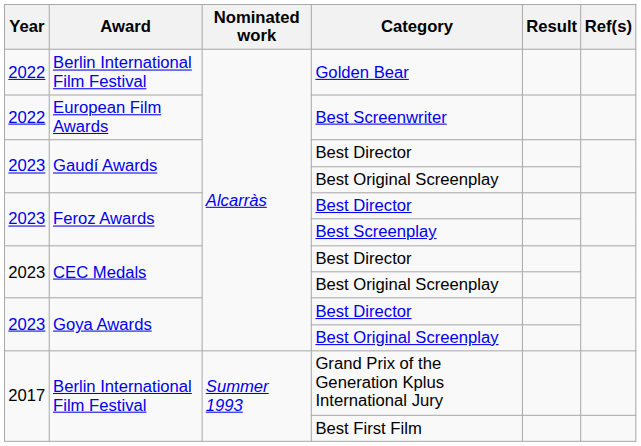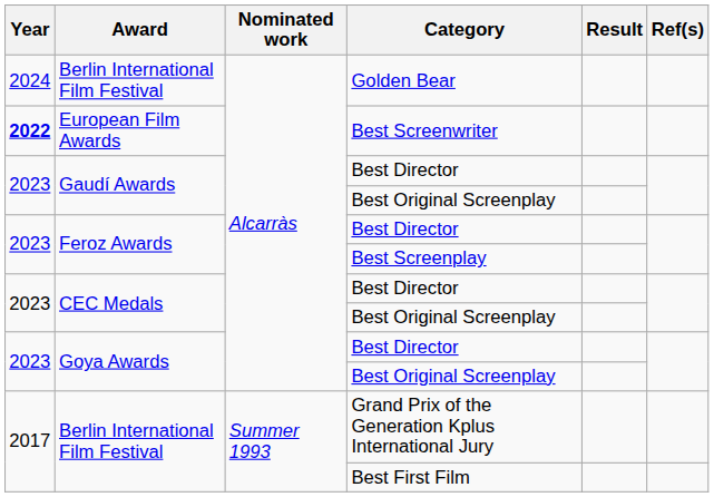 <table class="wikitable sortable">
 <tr>
 <th>Year</th>
 <th>Award</th>
 <th>Nominated work</th>
 <th>Category</th>
 <th>Result</th>
 <th>Ref(s)</th>
 </tr>
 <tr>
-<td><a href='#'>2022</a></td>
+<td><a href='#'>2024</a></td>
 <td><a href='#'>Berlin International Film Festival</a></td>
 <td rowspan="10"><em><a href='#'>Alcarràs</a></em></td>
 <td><a href='#'>Golden Bear</a></td>
 <td></td>
 <td></td>
 </tr>
 <tr>
-<td><a href='#'>2022</a></td>
+<td><strong><a href='#'>2022</a></strong></td>
 <td><a href='#'>European Film Awards</a></td>
 <td><a href='#'>Best Screenwriter</a></td>
 <td></td>
 <td></td>
 </tr>
 <tr>
 <td rowspan="2"><a href='#'>2023</a></td>
 <td rowspan="2"><a href='#'>Gaudí Awards</a></td>
 <td>Best Director</td>
 <td></td>
 <td rowspan="2"></td>
 </tr>
 <tr>
 <td>Best Original Screenplay</td>
 <td></td>
 </tr>
 <tr>
 <td rowspan="2"><a href='#'>2023</a></td>
 <td rowspan="2"><a href='#'>Feroz Awards</a></td>
 <td><a href='#'>Best Director</a></td>
 <td></td>
 <td rowspan="2"></td>
 </tr>
 <tr>
 <td><a href='#'>Best Screenplay</a></td>
 <td></td>
 </tr>
 <tr>
 <td rowspan="2">2023</td>
 <td rowspan="2"><a href='#'>CEC Medals</a></td>
 <td>Best Director</td>
 <td></td>
 <td rowspan="2"></td>
 </tr>
 <tr>
 <td>Best Original Screenplay</td>
 <td></td>
 </tr>
 <tr>
 <td rowspan="2"><a href='#'>2023</a></td>
 <td rowspan="2"><a href='#'>Goya Awards</a></td>
 <td><a href='#'>Best Director</a></td>
 <td></td>
 <td rowspan="2"></td>
 </tr>
 <tr>
 <td><a href='#'>Best Original Screenplay</a></td>
 <td></td>
 </tr>
 <tr>
 <td rowspan="2">2017</td>
 <td rowspan="2"><a href='#'>Berlin International Film Festival</a></td>
 <td rowspan="2"><em><a href='#'>Summer 1993</a></em></td>
 <td>Grand Prix of the Generation Kplus International Jury</td>
 <td></td>
 <td></td>
 </tr>
 <tr>
 <td>Best First Film</td>
 <td></td>
 <td></td>
 </tr>
 </table>
